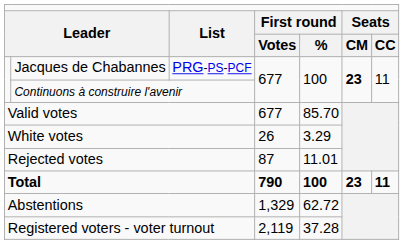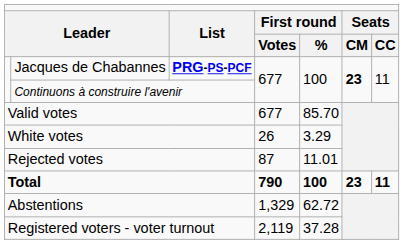 <table class="wikitable">
 <tr>
 <td colspan="7"></td>
 </tr>
 <tr>
 <th colspan="2" rowspan="2">Leader</th>
 <th rowspan="2">List</th>
 <th colspan="2">First round</th>
 <th colspan="2">Seats</th>
 </tr>
 <tr>
 <th>Votes</th>
 <th>%</th>
 <th>CM</th>
 <th>CC</th>
 </tr>
 <tr>
 <td rowspan="2"></td>
 <td>Jacques de Chabannes</td>
-<td><a href='#'>PRG</a><small>-<a href='#'>PS</a>-<a href='#'>PCF</a></small></td>
+<td><strong><a href='#'>PRG</a><small>-<a href='#'>PS</a>-<a href='#'>PCF</a></small></strong></td>
 <td rowspan="2">677</td>
 <td rowspan="2">100</td>
 <td rowspan="2"><strong>23</strong></td>
 <td rowspan="2">11</td>
 </tr>
 <tr>
 <td colspan="2"><em><small>Continuons à construire l'avenir</small></em></td>
 </tr>
 <tr>
 <td colspan="3">Valid votes</td>
 <td>677</td>
 <td>85.70</td>
 <th colspan="2" rowspan="3"></th>
 </tr>
 <tr>
 <td colspan="3">White votes</td>
 <td>26</td>
 <td>3.29</td>
 </tr>
 <tr>
 <td colspan="3">Rejected votes</td>
 <td>87</td>
 <td>11.01</td>
 </tr>
 <tr>
 <td colspan="3"><strong>Total</strong></td>
 <td><strong>790</strong></td>
 <td><strong>100</strong></td>
 <td><strong>23</strong></td>
 <td><strong>11</strong></td>
 </tr>
 <tr>
 <td colspan="3">Abstentions</td>
 <td>1,329</td>
 <td>62.72</td>
 <th colspan="2" rowspan="2"></th>
 </tr>
 <tr>
 <td colspan="3">Registered voters - voter turnout</td>
 <td>2,119</td>
 <td>37.28</td>
 </tr>
 </table>
